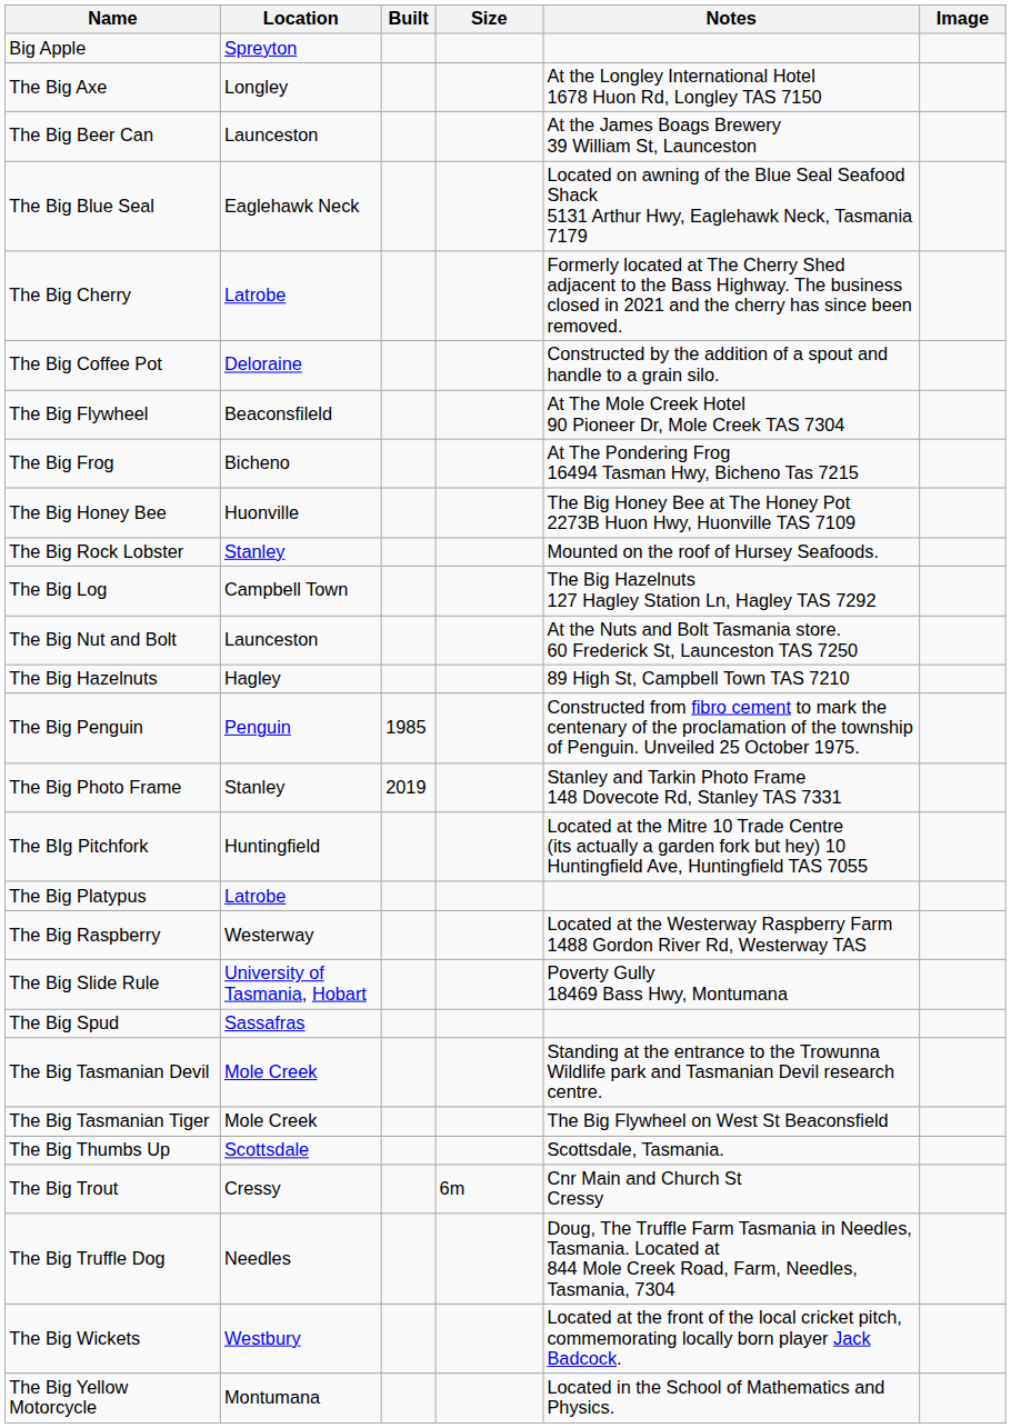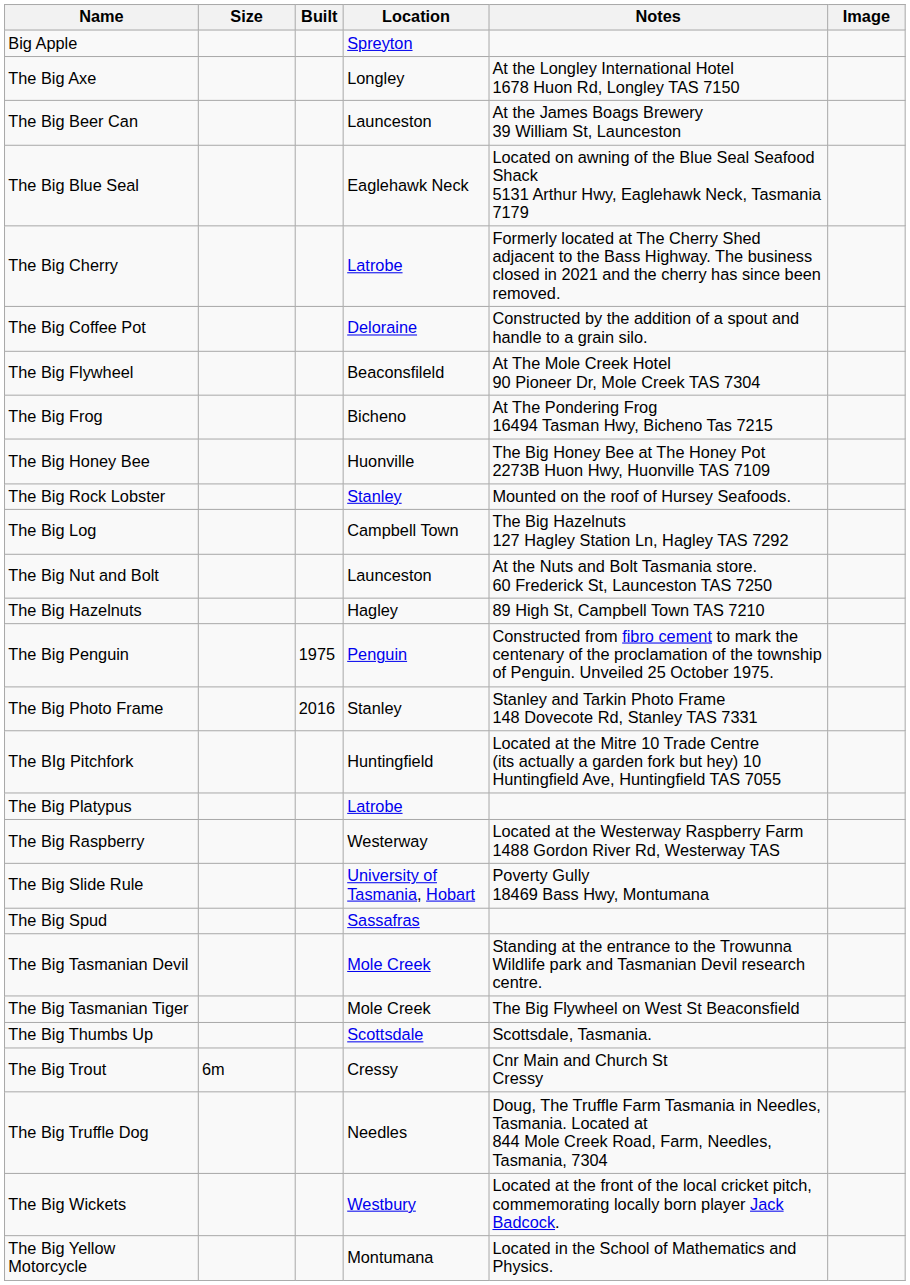 <table class="wikitable sortable" style="width:100%;">
 <tr>
 <th style="width:20%;">Name</th>
+<th style="width:10%;">Size</th>
+<th style="width:5%;">Built</th>
 <th style="width:15%;">Location</th>
-<th style="width:5%;">Built</th>
-<th style="width:10%;">Size</th>
 <th style="width:35%;">Notes</th>
 <th style="width:8%;">Image</th>
 </tr>
 <tr>
 <td>Big Apple</td>
-<td><a href='#'>Spreyton</a></td>
 <td></td>
 <td></td>
+<td><a href='#'>Spreyton</a></td>
 <td></td>
 <td></td>
 </tr>
 <tr>
 <td>The Big Axe</td>
-<td>Longley</td>
 <td></td>
 <td></td>
+<td>Longley</td>
 <td>At the Longley International Hotel<br>1678 Huon Rd, Longley TAS 7150</td>
 <td></td>
 </tr>
 <tr>
 <td>The Big Beer Can</td>
-<td>Launceston</td>
 <td></td>
 <td></td>
+<td>Launceston</td>
 <td>At the James Boags Brewery<br>39 William St, Launceston</td>
 <td></td>
 </tr>
 <tr>
 <td>The Big Blue Seal</td>
-<td>Eaglehawk Neck</td>
 <td></td>
 <td></td>
+<td>Eaglehawk Neck</td>
 <td>Located on awning of the  Blue Seal Seafood Shack<br>5131 Arthur Hwy, Eaglehawk Neck, Tasmania 7179</td>
 <td></td>
 </tr>
 <tr>
 <td>The Big Cherry</td>
-<td><a href='#'>Latrobe</a></td>
 <td></td>
 <td></td>
+<td><a href='#'>Latrobe</a></td>
 <td>Formerly located at The Cherry Shed adjacent to the Bass Highway. The business closed in 2021 and the cherry has since been removed.</td>
 <td></td>
 </tr>
 <tr>
 <td>The Big Coffee Pot</td>
-<td><a href='#'>Deloraine</a></td>
 <td></td>
 <td></td>
+<td><a href='#'>Deloraine</a></td>
 <td>Constructed by the addition of a spout and handle to a grain silo.</td>
 <td></td>
 </tr>
 <tr>
 <td>The Big Flywheel</td>
-<td>Beaconsfileld</td>
 <td></td>
 <td></td>
+<td>Beaconsfileld</td>
 <td>At The Mole Creek Hotel<br>90 Pioneer Dr, Mole Creek TAS 7304</td>
 <td></td>
 </tr>
 <tr>
 <td>The Big Frog</td>
-<td>Bicheno</td>
 <td></td>
 <td></td>
+<td>Bicheno</td>
 <td>At The Pondering Frog<br>16494 Tasman Hwy, Bicheno Tas 7215</td>
 <td></td>
 </tr>
 <tr>
 <td>The Big Honey Bee</td>
-<td>Huonville</td>
 <td></td>
 <td></td>
+<td>Huonville</td>
 <td>The Big Honey Bee at The Honey Pot<br>2273B Huon Hwy, Huonville TAS 7109</td>
 <td></td>
 </tr>
 <tr>
 <td>The Big Rock Lobster</td>
-<td><a href='#'>Stanley</a></td>
 <td></td>
 <td></td>
+<td><a href='#'>Stanley</a></td>
 <td>Mounted on the roof of Hursey Seafoods.</td>
 <td></td>
 </tr>
 <tr>
 <td>The Big Log</td>
-<td>Campbell Town</td>
 <td></td>
 <td></td>
+<td>Campbell Town</td>
 <td>The Big Hazelnuts<br>127 Hagley Station Ln, Hagley TAS 7292</td>
 <td></td>
 </tr>
 <tr>
 <td>The Big Nut and Bolt</td>
-<td>Launceston</td>
 <td></td>
 <td></td>
+<td>Launceston</td>
 <td>At the Nuts and Bolt Tasmania store.<br>60 Frederick St, Launceston TAS 7250</td>
 <td></td>
 </tr>
 <tr>
 <td>The Big Hazelnuts</td>
-<td>Hagley</td>
 <td></td>
 <td></td>
+<td>Hagley</td>
 <td>89 High St, Campbell Town TAS 7210</td>
 <td></td>
 </tr>
 <tr>
 <td>The Big Penguin</td>
+<td></td>
+<td>1975</td>
 <td><a href='#'>Penguin</a></td>
-<td>1985</td>
-<td></td>
 <td>Constructed from <a href='#'>fibro cement</a> to mark the centenary of the proclamation of the township of Penguin. Unveiled 25 October 1975.</td>
 <td></td>
 </tr>
 <tr>
 <td>The Big Photo Frame</td>
+<td></td>
+<td>2016</td>
 <td>Stanley</td>
-<td>2019</td>
-<td></td>
 <td>Stanley and Tarkin Photo Frame<br>148 Dovecote Rd, Stanley TAS 7331</td>
 <td></td>
 </tr>
 <tr>
 <td>The BIg Pitchfork</td>
-<td>Huntingfield</td>
 <td></td>
 <td></td>
+<td>Huntingfield</td>
 <td>Located at the Mitre 10 Trade Centre<br>(its actually a garden fork but hey) 10 Huntingfield Ave, Huntingfield TAS 7055</td>
 <td></td>
 </tr>
 <tr>
 <td>The Big Platypus</td>
-<td><a href='#'>Latrobe</a></td>
 <td></td>
 <td></td>
+<td><a href='#'>Latrobe</a></td>
 <td></td>
 <td></td>
 </tr>
 <tr>
 <td>The Big Raspberry</td>
-<td>Westerway</td>
 <td></td>
 <td></td>
+<td>Westerway</td>
 <td>Located at the Westerway Raspberry Farm<br>1488 Gordon River Rd, Westerway TAS</td>
 <td></td>
 </tr>
 <tr>
 <td>The Big Slide Rule</td>
-<td><a href='#'>University of Tasmania</a>, <a href='#'>Hobart</a></td>
 <td></td>
 <td></td>
+<td><a href='#'>University of Tasmania</a>, <a href='#'>Hobart</a></td>
 <td>Poverty Gully<br>18469 Bass Hwy, Montumana</td>
 <td></td>
 </tr>
 <tr>
 <td>The Big Spud</td>
-<td><a href='#'>Sassafras</a></td>
 <td></td>
 <td></td>
+<td><a href='#'>Sassafras</a></td>
 <td></td>
 <td></td>
 </tr>
 <tr>
 <td>The Big Tasmanian Devil</td>
-<td><a href='#'>Mole Creek</a></td>
 <td></td>
 <td></td>
+<td><a href='#'>Mole Creek</a></td>
 <td>Standing at the entrance to the Trowunna Wildlife park and Tasmanian Devil research centre.</td>
 <td></td>
 </tr>
 <tr>
 <td>The Big Tasmanian Tiger</td>
-<td>Mole Creek</td>
 <td></td>
 <td></td>
+<td>Mole Creek</td>
 <td>The Big Flywheel on West St Beaconsfield</td>
 <td></td>
 </tr>
 <tr>
 <td>The Big Thumbs Up</td>
-<td><a href='#'>Scottsdale</a></td>
 <td></td>
 <td></td>
+<td><a href='#'>Scottsdale</a></td>
 <td>Scottsdale, Tasmania.</td>
 <td></td>
 </tr>
 <tr>
 <td>The Big Trout</td>
+<td>6m</td>
+<td></td>
 <td>Cressy</td>
-<td></td>
-<td>6m</td>
 <td>Cnr Main and Church St<br>Cressy</td>
 <td></td>
 </tr>
 <tr>
 <td>The Big Truffle Dog</td>
-<td>Needles</td>
 <td></td>
 <td></td>
+<td>Needles</td>
 <td>Doug, The Truffle Farm Tasmania in Needles, Tasmania.  Located at<br>844 Mole Creek Road, Farm, Needles, Tasmania, 7304</td>
 <td></td>
 </tr>
 <tr>
 <td>The Big Wickets</td>
-<td><a href='#'>Westbury</a></td>
 <td></td>
 <td></td>
+<td><a href='#'>Westbury</a></td>
 <td>Located at the front of the local cricket pitch, commemorating locally born player <a href='#'>Jack Badcock</a>.</td>
 <td></td>
 </tr>
 <tr>
 <td>The Big Yellow Motorcycle</td>
-<td>Montumana</td>
 <td></td>
 <td></td>
+<td>Montumana</td>
 <td>Located in the School of Mathematics and Physics.</td>
 <td></td>
 </tr>
 </table>
